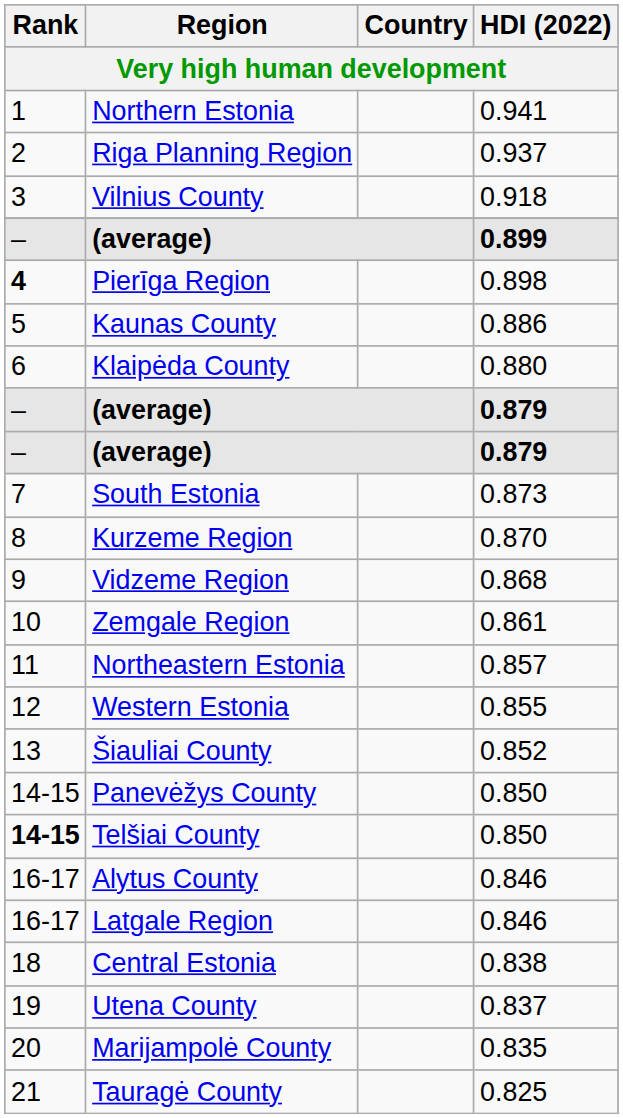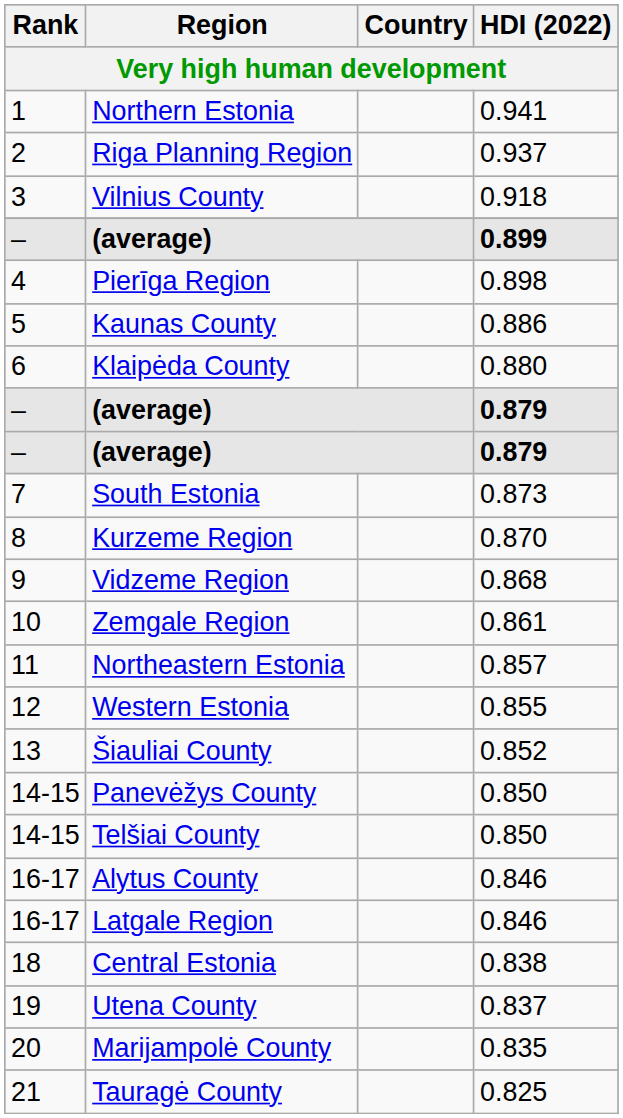 <table class="wikitable sortable">
 <tr>
 <th>Rank</th>
 <th>Region</th>
 <th>Country</th>
 <th>HDI (2022)</th>
 </tr>
 <tr>
 <th colspan="4" style="color:#090;">Very high human development</th>
 </tr>
 <tr>
 <td>1</td>
 <td><a href='#'>Northern Estonia</a></td>
 <td></td>
 <td>0.941</td>
 </tr>
 <tr>
 <td>2</td>
 <td><a href='#'>Riga Planning Region</a></td>
 <td></td>
 <td>0.937</td>
 </tr>
 <tr>
 <td>3</td>
 <td><a href='#'>Vilnius County</a></td>
 <td></td>
 <td>0.918</td>
 </tr>
 <tr>
 </tr>
 <tr style="background:#e6e6e6">
 <td>–</td>
 <td colspan="2"><strong> (average)</strong></td>
 <td><strong>0.899</strong></td>
 </tr>
 <tr>
-<td><strong>4</strong></td>
+<td>4</td>
 <td><a href='#'>Pierīga Region</a></td>
 <td></td>
 <td>0.898</td>
 </tr>
 <tr>
 <td>5</td>
 <td><a href='#'>Kaunas County</a></td>
 <td></td>
 <td>0.886</td>
 </tr>
 <tr>
 <td>6</td>
 <td><a href='#'>Klaipėda County</a></td>
 <td></td>
 <td>0.880</td>
 </tr>
 <tr style="background:#e6e6e6">
 <td>–</td>
 <td colspan="2"><strong> (average)</strong></td>
 <td><strong>0.879</strong></td>
 </tr>
 <tr style="background:#e6e6e6">
 <td>–</td>
 <td colspan="2"><strong> (average)</strong></td>
 <td><strong>0.879</strong></td>
 </tr>
 <tr>
 <td>7</td>
 <td><a href='#'>South Estonia</a></td>
 <td></td>
 <td>0.873</td>
 </tr>
 <tr>
 <td>8</td>
 <td><a href='#'>Kurzeme Region</a></td>
 <td></td>
 <td>0.870</td>
 </tr>
 <tr>
 <td>9</td>
 <td><a href='#'>Vidzeme Region</a></td>
 <td></td>
 <td>0.868</td>
 </tr>
 <tr>
 <td>10</td>
 <td><a href='#'>Zemgale Region</a></td>
 <td></td>
 <td>0.861</td>
 </tr>
 <tr>
 <td>11</td>
 <td><a href='#'>Northeastern Estonia</a></td>
 <td></td>
 <td>0.857</td>
 </tr>
 <tr>
 <td>12</td>
 <td><a href='#'>Western Estonia</a></td>
 <td></td>
 <td>0.855</td>
 </tr>
 <tr>
 <td>13</td>
 <td><a href='#'>Šiauliai County</a></td>
 <td></td>
 <td>0.852</td>
 </tr>
 <tr>
 <td>14-15</td>
 <td><a href='#'>Panevėžys County</a></td>
 <td></td>
 <td>0.850</td>
 </tr>
 <tr>
-<td><strong>14-15</strong></td>
+<td>14-15</td>
 <td><a href='#'>Telšiai County</a></td>
 <td></td>
 <td>0.850</td>
 </tr>
 <tr>
 <td>16-17</td>
 <td><a href='#'>Alytus County</a></td>
 <td></td>
 <td>0.846</td>
 </tr>
 <tr>
 <td>16-17</td>
 <td><a href='#'>Latgale Region</a></td>
 <td></td>
 <td>0.846</td>
 </tr>
 <tr>
 <td>18</td>
 <td><a href='#'>Central Estonia</a></td>
 <td></td>
 <td>0.838</td>
 </tr>
 <tr>
 <td>19</td>
 <td><a href='#'>Utena County</a></td>
 <td></td>
 <td>0.837</td>
 </tr>
 <tr>
 <td>20</td>
 <td><a href='#'>Marijampolė County</a></td>
 <td></td>
 <td>0.835</td>
 </tr>
 <tr>
 <td>21</td>
 <td><a href='#'>Tauragė County</a></td>
 <td></td>
 <td>0.825</td>
 </tr>
 <tr>
 </tr>
 </table>
